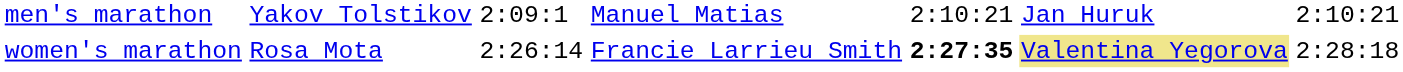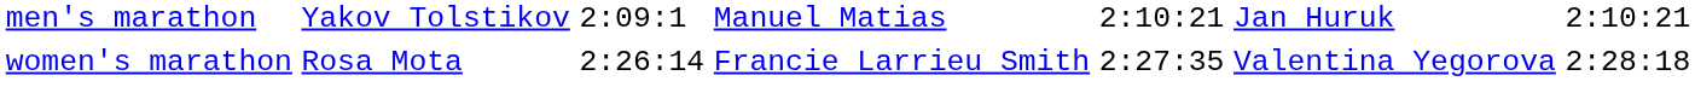 <table>
 <tr>
 <td><a href='#'>men's marathon</a></td>
 <td> <a href='#'>Yakov Tolstikov</a></td>
 <td>2:09:1</td>
 <td> <a href='#'>Manuel Matias</a></td>
 <td>2:10:21</td>
 <td> <a href='#'>Jan Huruk</a></td>
 <td>2:10:21</td>
 </tr>
 <tr>
 <td><a href='#'>women's marathon</a></td>
 <td> <a href='#'>Rosa Mota</a></td>
 <td>2:26:14</td>
 <td> <a href='#'>Francie Larrieu Smith</a></td>
-<td><strong>2:27:35</strong></td>
-<td style="background: khaki;"> <a href='#'>Valentina Yegorova</a></td>
+<td>2:27:35</td>
+<td> <a href='#'>Valentina Yegorova</a></td>
 <td>2:28:18</td>
 </tr>
 </table>
